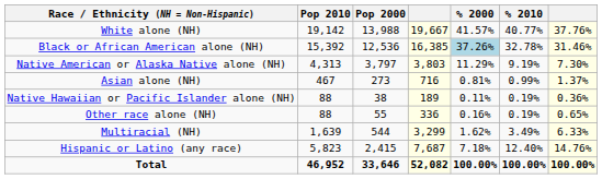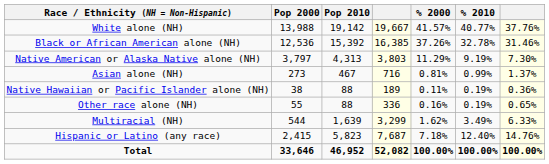 <table class="wikitable" style="text-align:center;">
 <tr>
 <th>Race / Ethnicity <small>(<em>NH = Non-Hispanic</em>)</small></th>
+<th>Pop 2000</th>
 <th>Pop 2010</th>
-<th>Pop 2000</th>
 <th></th>
 <th>% 2000</th>
 <th>% 2010</th>
 <th></th>
 </tr>
 <tr>
 <td><a href='#'>White</a> alone (NH)</td>
+<td>13,988</td>
 <td>19,142</td>
-<td>13,988</td>
 <td style='background: #ffffe6;'>19,667</td>
 <td>41.57%</td>
 <td>40.77%</td>
 <td style='background: #ffffe6;'>37.76%</td>
 </tr>
 <tr>
 <td><a href='#'>Black or African American</a> alone (NH)</td>
+<td>12,536</td>
 <td>15,392</td>
-<td>12,536</td>
 <td style='background: #ffffe6;'>16,385</td>
-<td style="background: lightblue;">37.26%</td>
+<td>37.26%</td>
 <td>32.78%</td>
 <td style='background: #ffffe6;'>31.46%</td>
 </tr>
 <tr>
 <td><a href='#'>Native American</a> or <a href='#'>Alaska Native</a> alone (NH)</td>
+<td>3,797</td>
 <td>4,313</td>
-<td>3,797</td>
 <td style='background: #ffffe6;'>3,803</td>
 <td>11.29%</td>
 <td>9.19%</td>
 <td style='background: #ffffe6;'>7.30%</td>
 </tr>
 <tr>
 <td><a href='#'>Asian</a> alone (NH)</td>
+<td>273</td>
 <td>467</td>
-<td>273</td>
 <td style='background: #ffffe6;'>716</td>
 <td>0.81%</td>
 <td>0.99%</td>
 <td style='background: #ffffe6;'>1.37%</td>
 </tr>
 <tr>
 <td><a href='#'>Native Hawaiian</a> or <a href='#'>Pacific Islander</a> alone (NH)</td>
+<td>38</td>
 <td>88</td>
-<td>38</td>
 <td style='background: #ffffe6;'>189</td>
 <td>0.11%</td>
 <td>0.19%</td>
 <td style='background: #ffffe6;'>0.36%</td>
 </tr>
 <tr>
 <td><a href='#'>Other race</a> alone (NH)</td>
+<td>55</td>
 <td>88</td>
-<td>55</td>
 <td style='background: #ffffe6;'>336</td>
 <td>0.16%</td>
 <td>0.19%</td>
 <td style='background: #ffffe6;'>0.65%</td>
 </tr>
 <tr>
 <td><a href='#'>Multiracial</a> (NH)</td>
+<td>544</td>
 <td>1,639</td>
-<td>544</td>
 <td style='background: #ffffe6;'>3,299</td>
 <td>1.62%</td>
 <td>3.49%</td>
 <td style='background: #ffffe6;'>6.33%</td>
 </tr>
 <tr>
 <td><a href='#'>Hispanic or Latino</a> (any race)</td>
+<td>2,415</td>
 <td>5,823</td>
-<td>2,415</td>
 <td style='background: #ffffe6;'>7,687</td>
 <td>7.18%</td>
 <td>12.40%</td>
 <td style='background: #ffffe6;'>14.76%</td>
 </tr>
 <tr>
 <td><strong>Total</strong></td>
+<td><strong>33,646</strong></td>
 <td><strong>46,952</strong></td>
-<td><strong>33,646</strong></td>
 <td style='background: #ffffe6;'><strong>52,082</strong></td>
 <td><strong>100.00%</strong></td>
 <td><strong>100.00%</strong></td>
 <td style='background: #ffffe6;'><strong>100.00%</strong></td>
 </tr>
 </table>
